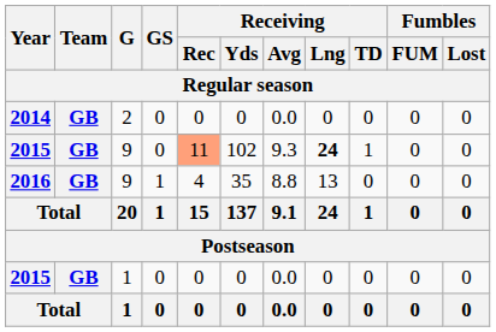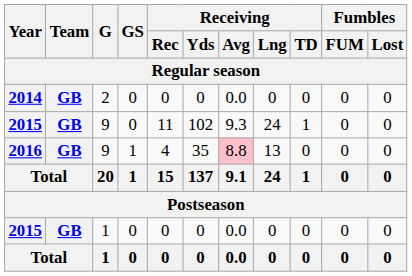 <table class="wikitable" style="text-align: center;">
 <tr>
 <th rowspan="2">Year</th>
 <th rowspan="2">Team</th>
 <th rowspan="2">G</th>
 <th rowspan="2">GS</th>
 <th colspan="5">Receiving</th>
 <th colspan="2">Fumbles</th>
 </tr>
 <tr>
 <th>Rec</th>
 <th>Yds</th>
 <th>Avg</th>
 <th>Lng</th>
 <th>TD</th>
 <th>FUM</th>
 <th>Lost</th>
 </tr>
 <tr>
 <th colspan=11><strong>Regular season</strong></th>
 </tr>
 <tr>
 <th><a href='#'>2014</a></th>
 <th><a href='#'>GB</a></th>
 <td>2</td>
 <td>0</td>
 <td>0</td>
 <td>0</td>
 <td>0.0</td>
 <td>0</td>
 <td>0</td>
 <td>0</td>
 <td>0</td>
 </tr>
 <tr>
 <th><a href='#'>2015</a></th>
 <th><a href='#'>GB</a></th>
 <td>9</td>
 <td>0</td>
-<td style="background: lightsalmon;">11</td>
+<td>11</td>
 <td>102</td>
 <td>9.3</td>
-<td><strong>24</strong></td>
+<td>24</td>
 <td>1</td>
 <td>0</td>
 <td>0</td>
 </tr>
 <tr>
 <th><a href='#'>2016</a></th>
 <th><a href='#'>GB</a></th>
 <td>9</td>
 <td>1</td>
 <td>4</td>
 <td>35</td>
-<td>8.8</td>
+<td style="background: pink;">8.8</td>
 <td>13</td>
 <td>0</td>
 <td>0</td>
 <td>0</td>
 </tr>
 <tr>
 <th colspan="2">Total</th>
 <th>20</th>
 <th>1</th>
 <th>15</th>
 <th>137</th>
 <th>9.1</th>
 <th>24</th>
 <th>1</th>
 <th>0</th>
 <th>0</th>
 </tr>
 <tr>
 <th colspan=11><strong>Postseason</strong></th>
 </tr>
 <tr>
 <th><a href='#'>2015</a></th>
 <th><a href='#'>GB</a></th>
 <td>1</td>
 <td>0</td>
 <td>0</td>
 <td>0</td>
 <td>0.0</td>
 <td>0</td>
 <td>0</td>
 <td>0</td>
 <td>0</td>
 </tr>
 <tr>
 <th colspan="2">Total</th>
 <th>1</th>
 <th>0</th>
 <th>0</th>
 <th>0</th>
 <th>0.0</th>
 <th>0</th>
 <th>0</th>
 <th>0</th>
 <th>0</th>
 </tr>
 </table>
